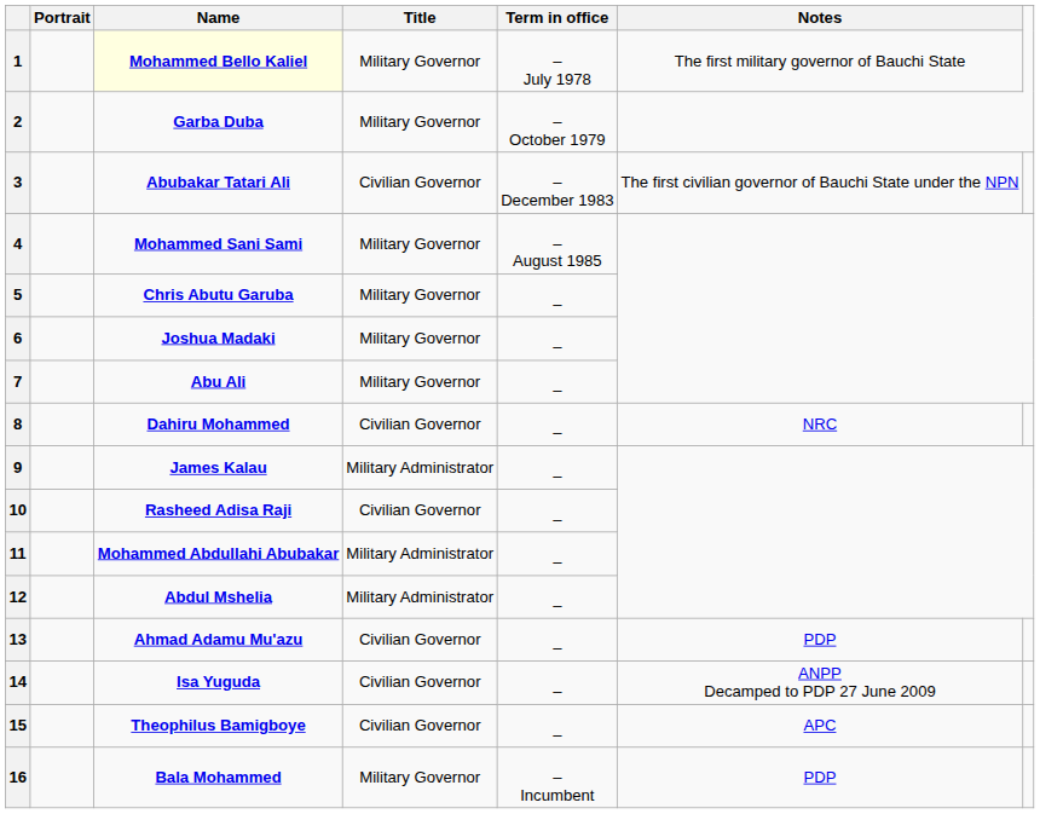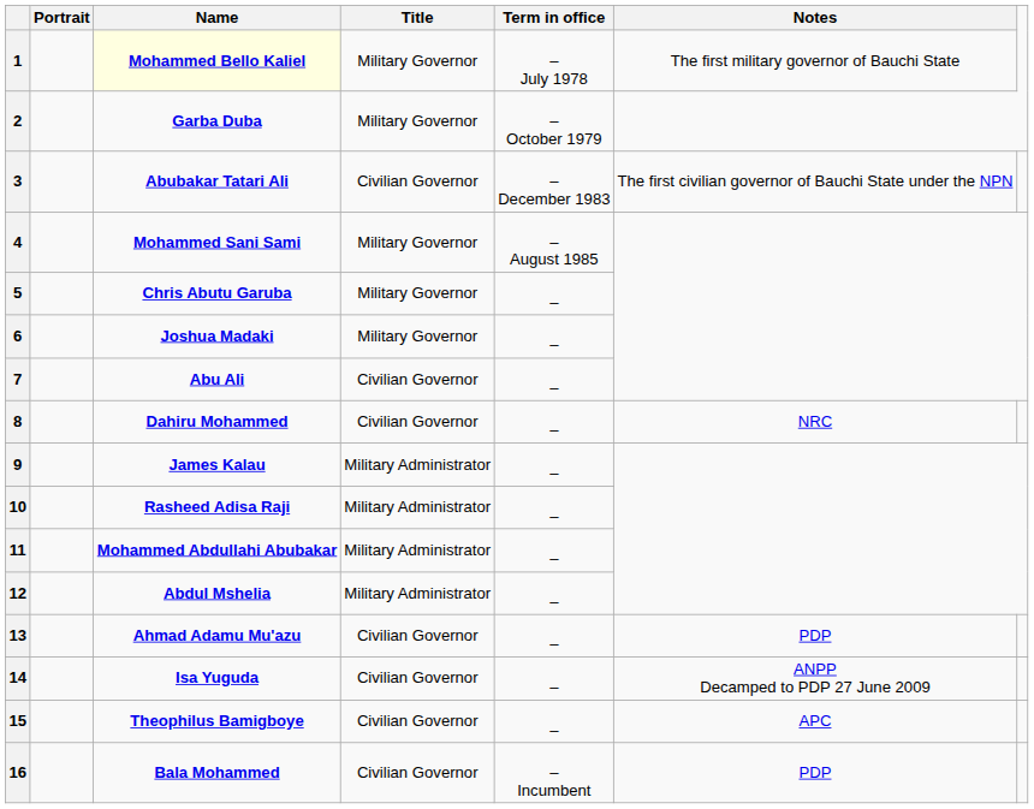 <table class="wikitable sortable" style="text-align:center;">
 <tr>
 <th scope="col" data-sort-type="number"></th>
 <th scope="col">Portrait</th>
 <th scope="col">Name</th>
 <th scope="col">Title</th>
 <th scope="col">Term in office</th>
 <th scope="col">Notes</th>
 </tr>
 <tr>
 <th scope="row">1</th>
 <td data-sort-value="Kaliel, Mohammed Bello"></td>
 <td style="background: lightyellow;"><strong><a href='#'>Mohammed Bello Kaliel</a></strong><br></td>
 <td>Military Governor</td>
 <td><br>–<br>July 1978</td>
 <td>The first military governor of Bauchi State</td>
 </tr>
 <tr>
 <th scope="row">2</th>
 <td data-sort-value="Duba, Garba"></td>
 <td><strong><a href='#'>Garba Duba</a></strong><br></td>
 <td>Military Governor</td>
 <td><br>–<br>October 1979</td>
 </tr>
 <tr>
 <th scope="row">3</th>
 <td data-sort-value="Ali, Abubakar Tatari"></td>
 <td><strong><a href='#'> Abubakar Tatari Ali</a></strong><br></td>
 <td>Civilian Governor</td>
 <td><br>–<br>December 1983</td>
 <td>The first civilian governor of Bauchi State under the <a href='#'>NPN</a></td>
 <td style="background:"> </td>
 </tr>
 <tr>
 <th scope="row">4</th>
 <td data-sort-value="Sami, Mohammed Sani"></td>
 <td><strong><a href='#'>Mohammed Sani Sami</a></strong><br></td>
 <td>Military Governor</td>
 <td><br>–<br>August 1985</td>
 </tr>
 <tr>
 <th scope="row">5</th>
 <td data-sort-value="Garuba, Chris Abutu"></td>
 <td><strong><a href='#'>Chris Abutu Garuba</a></strong><br></td>
 <td>Military Governor</td>
 <td><br>–<br></td>
 </tr>
 <tr>
 <th scope="row">6</th>
 <td data-sort-value="Madaki, Joshua"></td>
 <td><strong><a href='#'>Joshua Madaki</a></strong><br></td>
 <td>Military Governor</td>
 <td><br>–<br></td>
 </tr>
 <tr>
 <th scope="row">7</th>
 <td data-sort-value="Ali, Abu"></td>
 <td><strong><a href='#'>Abu Ali</a></strong><br></td>
-<td>Military Governor</td>
+<td>Civilian Governor</td>
 <td><br>–<br></td>
 </tr>
 <tr>
 <th scope="row">8</th>
 <td data-sort-value="Mohammed, Dahiru"></td>
 <td><strong><a href='#'>Dahiru Mohammed</a></strong><br></td>
 <td>Civilian Governor</td>
 <td><br>–<br></td>
 <td><a href='#'>NRC</a></td>
 <td style="background:"> </td>
 </tr>
 <tr>
 <th scope="row">9</th>
 <td data-sort-value="Kalau, James"></td>
 <td><strong><a href='#'>James Kalau</a></strong><br></td>
 <td>Military Administrator</td>
 <td><br>–<br></td>
 </tr>
 <tr>
 <th scope="row">10</th>
 <td data-sort-value="Raji, Rasheed Adisa"></td>
 <td><strong><a href='#'>Rasheed Adisa Raji</a></strong><br></td>
-<td>Civilian Governor</td>
+<td>Military Administrator</td>
 <td><br>–<br></td>
 </tr>
 <tr>
 <th scope="row">11</th>
 <td data-sort-value="Bamigboye, Theophilus"></td>
 <td><strong><a href='#'>Mohammed Abdullahi Abubakar</a></strong><br></td>
 <td>Military Administrator</td>
 <td><br>–<br></td>
 </tr>
 <tr>
 <th scope="row">12</th>
 <td data-sort-value="Mshelia, Abdul"></td>
 <td><strong><a href='#'>Abdul Mshelia</a></strong><br></td>
 <td>Military Administrator</td>
 <td><br>–<br></td>
 </tr>
 <tr>
 <th scope="row">13</th>
 <td data-sort-value="Mu'azu, Ahmad Adamu"></td>
 <td><strong><a href='#'> Ahmad Adamu Mu'azu</a></strong><br></td>
 <td>Civilian Governor</td>
 <td><br>–<br></td>
 <td><a href='#'>PDP</a></td>
 <td style="background:"> </td>
 </tr>
 <tr>
 <th scope="row">14</th>
 <td data-sort-value="Yuguda, Isa"></td>
 <td><strong><a href='#'>Isa Yuguda</a></strong><br></td>
 <td>Civilian Governor</td>
 <td><br>–<br></td>
 <td><a href='#'>ANPP</a> <br>Decamped to PDP 27 June 2009</td>
 <td style="background:"> </td>
 </tr>
 <tr>
 <th scope="row">15</th>
 <td data-sort-value="Abubakar, Mohammed Abdullahi"></td>
 <td><strong><a href='#'>Theophilus Bamigboye</a></strong><br></td>
 <td>Civilian Governor</td>
 <td><br>–<br></td>
 <td><a href='#'>APC</a></td>
 <td style="background:"> </td>
 </tr>
 <tr>
 <th scope="row">16</th>
 <td data-sort-value="Mohammed, Bala"></td>
 <td><strong><a href='#'>Bala Mohammed</a></strong><br></td>
-<td>Military Governor</td>
+<td>Civilian Governor</td>
 <td><br>–<br>Incumbent</td>
 <td><a href='#'>PDP</a></td>
 <td style="background:"> </td>
 </tr>
 </table>
